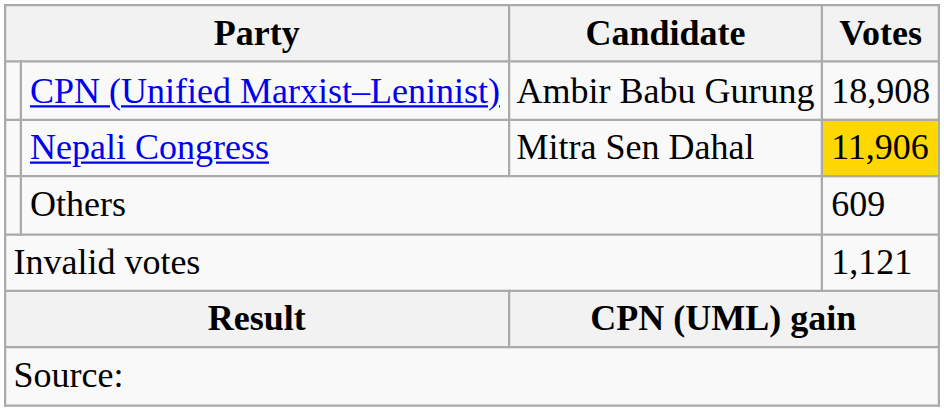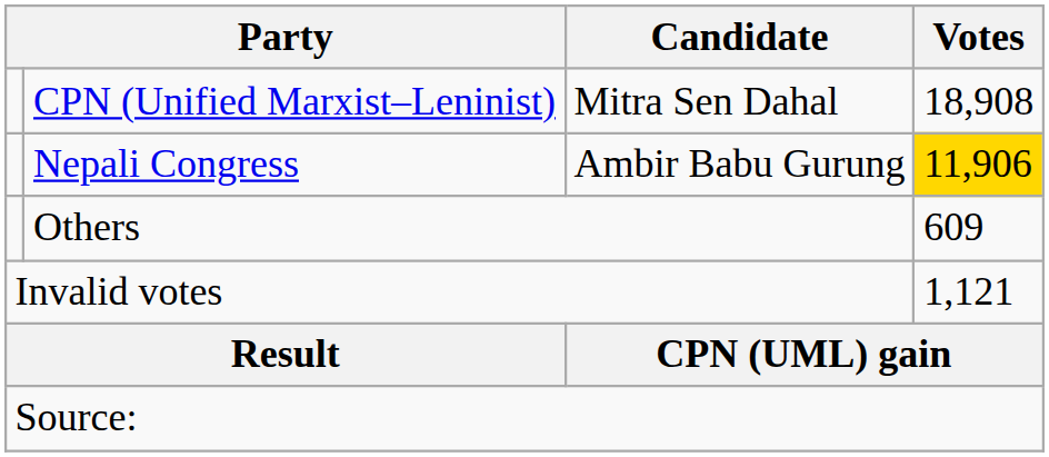 <table class="wikitable">
 <tr>
 <th colspan="2">Party</th>
 <th>Candidate</th>
 <th>Votes</th>
 </tr>
 <tr>
 <td style="background-color:"></td>
 <td><a href='#'>CPN (Unified Marxist–Leninist)</a></td>
-<td>Ambir Babu Gurung</td>
+<td>Mitra Sen Dahal</td>
 <td>18,908</td>
 </tr>
 <tr>
 <td style="background-color:"></td>
 <td><a href='#'>Nepali Congress</a></td>
-<td>Mitra Sen Dahal</td>
+<td>Ambir Babu Gurung</td>
 <td style="background: gold;">11,906</td>
 </tr>
 <tr>
 <td></td>
 <td colspan="2">Others</td>
 <td>609</td>
 </tr>
 <tr>
 <td colspan="3">Invalid votes</td>
 <td>1,121</td>
 </tr>
 <tr>
 <th colspan="2">Result</th>
 <th colspan="2">CPN (UML) gain</th>
 </tr>
 <tr>
 <td colspan="4">Source: </td>
 </tr>
 </table>
